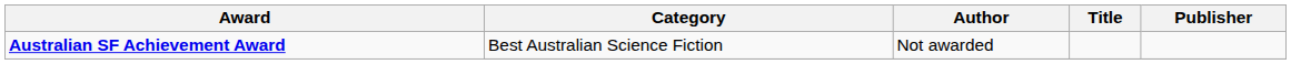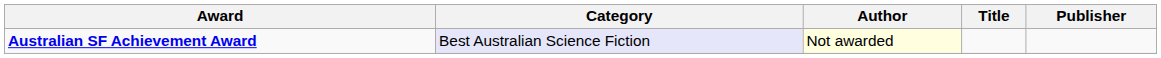 <table class="wikitable" width=95%>
 <tr>
 <th>Award</th>
 <th>Category</th>
 <th>Author</th>
 <th>Title</th>
 <th>Publisher</th>
 </tr>
 <tr>
 <td rowspan=2><strong><a href='#'> Australian SF Achievement Award</a></strong></td>
-<td>Best Australian Science Fiction</td>
-<td>Not awarded</td>
+<td style="background: lavender;">Best Australian Science Fiction</td>
+<td style="background: lightyellow;">Not awarded</td>
 <td></td>
 <td></td>
 </tr>
 <tr>
 </tr>
 </table>
